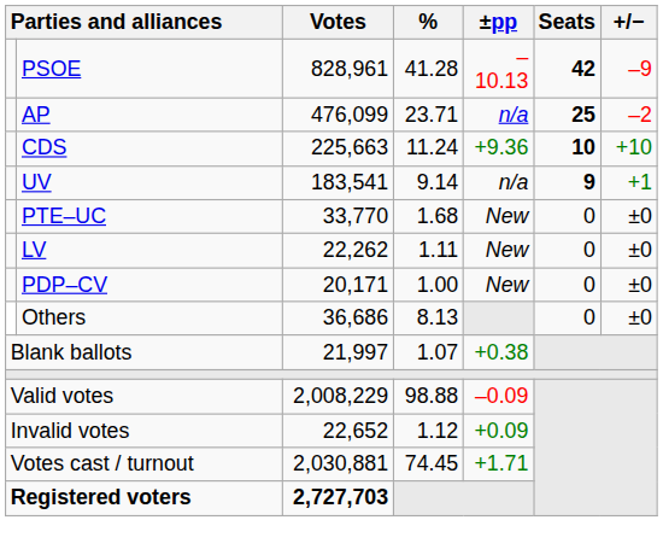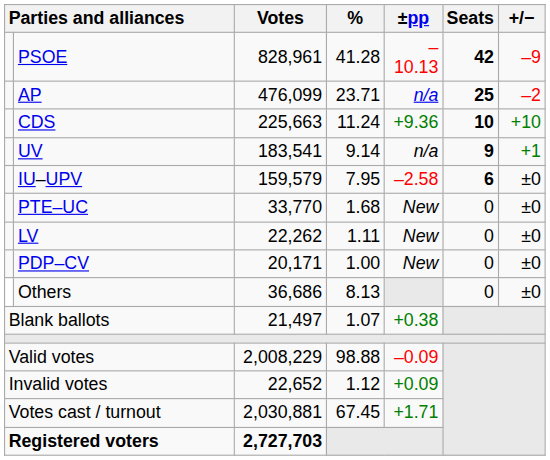 <table class="wikitable" style="text-align:right;">
 <tr>
 <th style="text-align:left;" colspan="2" width="200">Parties and alliances</th>
 <th width="75">Votes</th>
 <th width="45">%</th>
 <th width="45">±<a href='#'>pp</a></th>
 <th width="35">Seats</th>
 <th width="35">+/−</th>
 </tr>
 <tr>
 <td width="1" style="color:inherit;background:"></td>
 <td align="left"><a href='#'>PSOE</a></td>
 <td>828,961</td>
 <td>41.28</td>
 <td style="color:red;">–10.13</td>
 <td><strong>42</strong></td>
 <td style="color:red;">–9</td>
 </tr>
 <tr>
 <td style="color:inherit;background:"></td>
 <td align="left"><a href='#'>AP</a></td>
 <td>476,099</td>
 <td>23.71</td>
 <td><em><a href='#'>n/a</a></em></td>
 <td><strong>25</strong></td>
 <td style="color:red;">–2</td>
 </tr>
 <tr>
 <td style="color:inherit;background:"></td>
 <td align="left"><a href='#'>CDS</a></td>
 <td>225,663</td>
 <td>11.24</td>
 <td style="color:green;">+9.36</td>
 <td><strong>10</strong></td>
 <td style="color:green;">+10</td>
 </tr>
 <tr>
 <td style="color:inherit;background:"></td>
 <td align="left"><a href='#'>UV</a></td>
 <td>183,541</td>
 <td>9.14</td>
 <td><em>n/a</em></td>
 <td><strong>9</strong></td>
 <td style="color:green;">+1</td>
 </tr>
 <tr>
 <td style="color:inherit;background:"></td>
+<td align="left"><a href='#'>IU</a>–<a href='#'>UPV</a></td>
+<td>159,579</td>
+<td>7.95</td>
+<td style="color:red;">–2.58</td>
+<td><strong>6</strong></td>
+<td>±0</td>
+</tr>
+<tr>
+<td style="color:inherit;background:"></td>
 <td align="left"><a href='#'>PTE–UC</a></td>
 <td>33,770</td>
 <td>1.68</td>
 <td><em>New</em></td>
 <td>0</td>
 <td>±0</td>
 </tr>
 <tr>
 <td style="color:inherit;background:"></td>
 <td align="left"><a href='#'>LV</a></td>
 <td>22,262</td>
 <td>1.11</td>
 <td><em>New</em></td>
 <td>0</td>
 <td>±0</td>
 </tr>
 <tr>
 <td style="color:inherit;background:"></td>
 <td align="left"><a href='#'>PDP–CV</a></td>
 <td>20,171</td>
 <td>1.00</td>
 <td><em>New</em></td>
 <td>0</td>
 <td>±0</td>
 </tr>
 <tr>
 <td bgcolor="white"></td>
 <td align="left">Others</td>
 <td>36,686</td>
 <td>8.13</td>
 <td bgcolor="#E9E9E9"></td>
 <td>0</td>
 <td>±0</td>
 </tr>
 <tr>
 <td align="left" colspan="2">Blank ballots</td>
-<td>21,997</td>
+<td>21,497</td>
 <td>1.07</td>
 <td style="color:green;">+0.38</td>
 <td bgcolor="#E9E9E9" colspan="2"></td>
 </tr>
 <tr>
 <td colspan="7" bgcolor="#E9E9E9"></td>
 </tr>
 <tr>
 <td align="left" colspan="2">Valid votes</td>
 <td>2,008,229</td>
 <td>98.88</td>
 <td style="color:red;">–0.09</td>
 <td bgcolor="#E9E9E9" colspan="2" rowspan="4"></td>
 </tr>
 <tr>
 <td align="left" colspan="2">Invalid votes</td>
 <td>22,652</td>
 <td>1.12</td>
 <td style="color:green;">+0.09</td>
 </tr>
 <tr>
 <td align="left" colspan="2">Votes cast / turnout</td>
 <td>2,030,881</td>
-<td>74.45</td>
+<td>67.45</td>
 <td style="color:green;">+1.71</td>
 </tr>
 <tr style="font-weight:bold;">
 <td align="left" colspan="2">Registered voters</td>
 <td>2,727,703</td>
 <td bgcolor="#E9E9E9" colspan="2"></td>
 </tr>
 </table>
